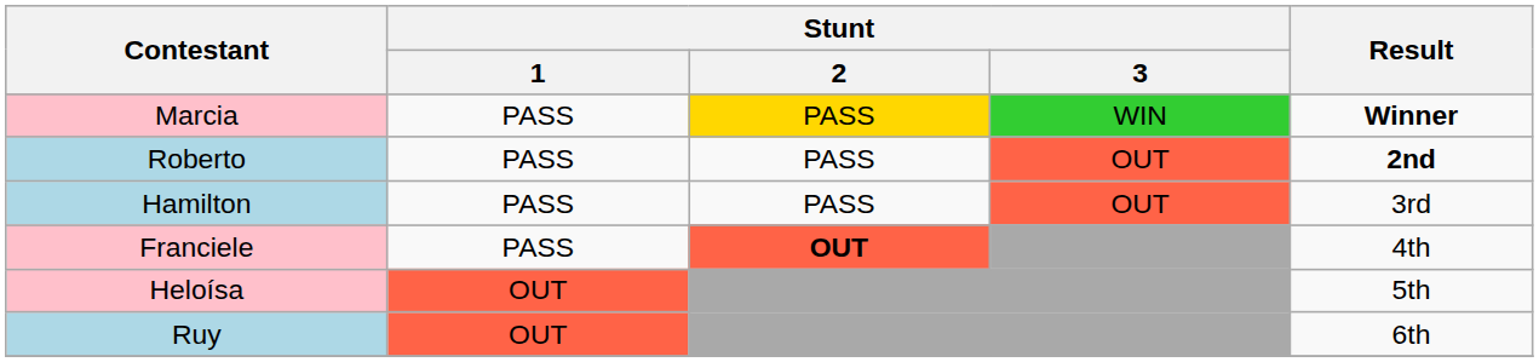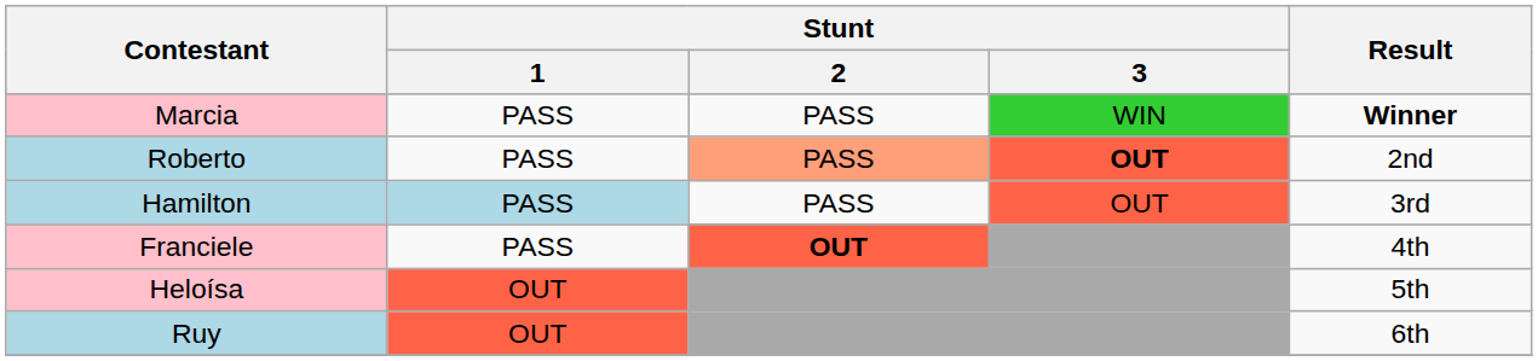 <table class="wikitable" style="font-size:90%; width:40%; text-align: center;">
 <tr>
 <th width="10%" rowspan=2>Contestant</th>
 <th width="24%" colspan=3>Stunt</th>
 <th width="06%" rowspan=2>Result</th>
 </tr>
 <tr>
 <th width="08%">1</th>
 <th width="08%">2</th>
 <th width="08%">3</th>
 </tr>
 <tr>
 <td bgcolor="FFC0CB">Marcia</td>
 <td>PASS</td>
-<td style="background: gold;">PASS</td>
+<td>PASS</td>
 <td bgcolor="32CD32">WIN</td>
 <td><strong>Winner</strong></td>
 </tr>
 <tr>
 <td bgcolor="ADD8E6">Roberto</td>
 <td>PASS</td>
-<td>PASS</td>
-<td bgcolor="FF6347">OUT</td>
-<td><strong>2nd</strong></td>
+<td style="background: lightsalmon;">PASS</td>
+<td bgcolor="FF6347"><strong>OUT</strong></td>
+<td>2nd</td>
 </tr>
 <tr>
 <td bgcolor="ADD8E6">Hamilton</td>
-<td>PASS</td>
+<td style="background: lightblue;">PASS</td>
 <td>PASS</td>
 <td bgcolor="FF6347">OUT</td>
 <td>3rd</td>
 </tr>
 <tr>
 <td bgcolor="FFC0CB">Franciele</td>
 <td>PASS</td>
 <td bgcolor="FF6347"><strong>OUT</strong></td>
 <td bgcolor="A9A9A9"></td>
 <td>4th</td>
 </tr>
 <tr>
 <td bgcolor="FFC0CB">Heloísa</td>
 <td bgcolor="FF6347">OUT</td>
 <td bgcolor="A9A9A9" colspan=2></td>
 <td>5th</td>
 </tr>
 <tr>
 <td bgcolor="ADD8E6">Ruy</td>
 <td bgcolor="FF6347">OUT</td>
 <td bgcolor="A9A9A9" colspan=2></td>
 <td>6th</td>
 </tr>
 <tr>
 </tr>
 </table>
